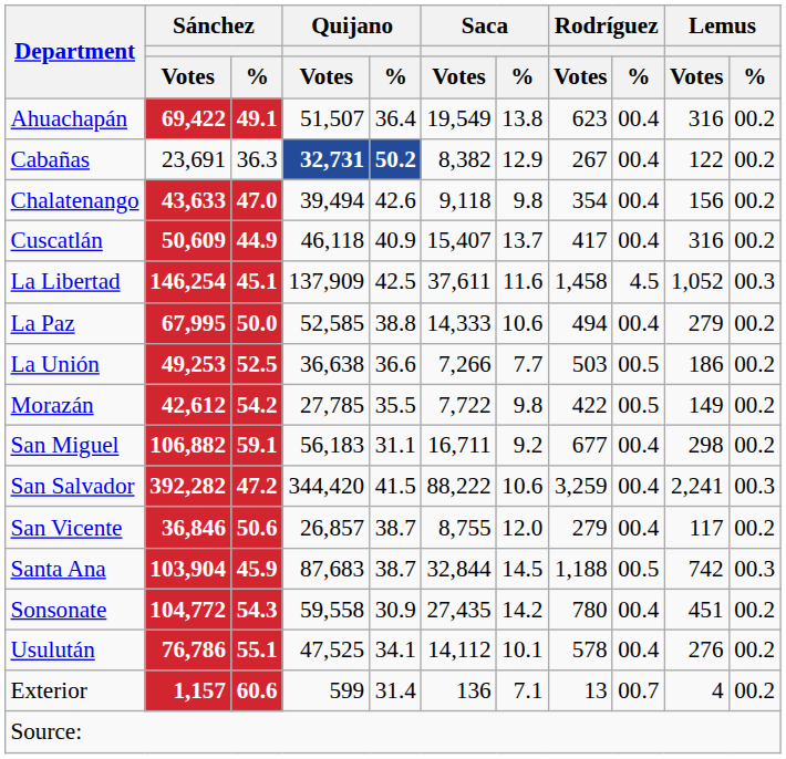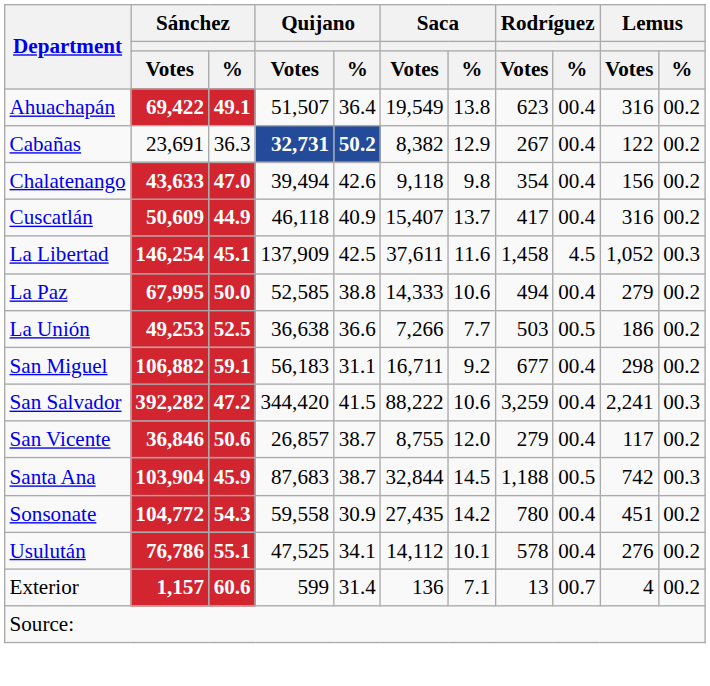 <table class="wikitable sortable" style="text-align:right; font-size:97%; line-height:20px;">
 <tr>
 <th rowspan="3"><a href='#'>Department</a></th>
 <th colspan="2" width="30px" class="unsortable">Sánchez</th>
 <th colspan="2" width="30px" class="unsortable">Quijano</th>
 <th colspan="2" width="30px" class="unsortable">Saca</th>
 <th colspan="2" width="30px" class="unsortable">Rodríguez</th>
 <th colspan="2" width="30px" class="unsortable">Lemus</th>
 </tr>
 <tr>
 <th colspan="2" style="background:"></th>
 <th colspan="2" style="background:"></th>
 <th colspan="2" style="background:"></th>
 <th colspan="2" style="background:"></th>
 <th colspan="2" style="background:"></th>
 </tr>
 <tr>
 <th data-sort-type="number">Votes</th>
 <th data-sort-type="number">%</th>
 <th data-sort-type="number">Votes</th>
 <th data-sort-type="number">%</th>
 <th data-sort-type="number">Votes</th>
 <th data-sort-type="number">%</th>
 <th data-sort-type="number">Votes</th>
 <th data-sort-type="number">%</th>
 <th data-sort-type="number">Votes</th>
 <th data-sort-type="number">%</th>
 </tr>
 <tr>
 <td align="left"><a href='#'>Ahuachapán</a></td>
 <td style="background:#D3252F; color:white"><strong>69,422</strong></td>
 <td style="background:#D3252F; color:white"><strong>49.1</strong></td>
 <td>51,507</td>
 <td>36.4</td>
 <td>19,549</td>
 <td>13.8</td>
 <td>623</td>
 <td>00.4</td>
 <td>316</td>
 <td>00.2</td>
 </tr>
 <tr>
 <td align="left"><a href='#'>Cabañas</a></td>
 <td>23,691</td>
 <td>36.3</td>
 <td style="background:#234B9A; color:white"><strong>32,731</strong></td>
 <td style="background:#234B9A; color:white"><strong>50.2</strong></td>
 <td>8,382</td>
 <td>12.9</td>
 <td>267</td>
 <td>00.4</td>
 <td>122</td>
 <td>00.2</td>
 </tr>
 <tr>
 <td align="left"><a href='#'>Chalatenango</a></td>
 <td style="background:#D3252F; color:white"><strong>43,633</strong></td>
 <td style="background:#D3252F; color:white"><strong>47.0</strong></td>
 <td>39,494</td>
 <td>42.6</td>
 <td>9,118</td>
 <td>9.8</td>
 <td>354</td>
 <td>00.4</td>
 <td>156</td>
 <td>00.2</td>
 </tr>
 <tr>
 <td align="left"><a href='#'>Cuscatlán</a></td>
 <td style="background:#D3252F; color:white"><strong>50,609</strong></td>
 <td style="background:#D3252F; color:white"><strong>44.9</strong></td>
 <td>46,118</td>
 <td>40.9</td>
 <td>15,407</td>
 <td>13.7</td>
 <td>417</td>
 <td>00.4</td>
 <td>316</td>
 <td>00.2</td>
 </tr>
 <tr>
 <td align="left"><a href='#'>La Libertad</a></td>
 <td style="background:#D3252F; color:white"><strong>146,254</strong></td>
 <td style="background:#D3252F; color:white"><strong>45.1</strong></td>
 <td>137,909</td>
 <td>42.5</td>
 <td>37,611</td>
 <td>11.6</td>
 <td>1,458</td>
 <td>4.5</td>
 <td>1,052</td>
 <td>00.3</td>
 </tr>
 <tr>
 <td align=left><a href='#'>La Paz</a></td>
 <td style="background:#D3252F; color:white"><strong>67,995</strong></td>
 <td style="background:#D3252F; color:white"><strong>50.0</strong></td>
 <td>52,585</td>
 <td>38.8</td>
 <td>14,333</td>
 <td>10.6</td>
 <td>494</td>
 <td>00.4</td>
 <td>279</td>
 <td>00.2</td>
 </tr>
 <tr>
 <td align=left><a href='#'>La Unión</a></td>
 <td style="background:#D3252F; color:white"><strong>49,253</strong></td>
 <td style="background:#D3252F; color:white"><strong>52.5</strong></td>
 <td>36,638</td>
 <td>36.6</td>
 <td>7,266</td>
 <td>7.7</td>
 <td>503</td>
 <td>00.5</td>
 <td>186</td>
 <td>00.2</td>
 </tr>
 <tr>
-<td align=left><a href='#'>Morazán</a></td>
-<td style="background:#D3252F; color:white"><strong>42,612</strong></td>
-<td style="background:#D3252F; color:white"><strong>54.2</strong></td>
-<td>27,785</td>
-<td>35.5</td>
-<td>7,722</td>
-<td>9.8</td>
-<td>422</td>
-<td>00.5</td>
-<td>149</td>
-<td>00.2</td>
-</tr>
-<tr>
 <td align=left><a href='#'>San Miguel</a></td>
 <td style="background:#D3252F; color:white"><strong>106,882</strong></td>
 <td style="background:#D3252F; color:white"><strong>59.1</strong></td>
 <td>56,183</td>
 <td>31.1</td>
 <td>16,711</td>
 <td>9.2</td>
 <td>677</td>
 <td>00.4</td>
 <td>298</td>
 <td>00.2</td>
 </tr>
 <tr>
 <td align=left><a href='#'>San Salvador</a></td>
 <td style="background:#D3252F; color:white"><strong>392,282</strong></td>
 <td style="background:#D3252F; color:white"><strong>47.2</strong></td>
 <td>344,420</td>
 <td>41.5</td>
 <td>88,222</td>
 <td>10.6</td>
 <td>3,259</td>
 <td>00.4</td>
 <td>2,241</td>
 <td>00.3</td>
 </tr>
 <tr>
 <td align=left><a href='#'>San Vicente</a></td>
 <td style="background:#D3252F; color:white"><strong>36,846</strong></td>
 <td style="background:#D3252F; color:white"><strong>50.6</strong></td>
 <td>26,857</td>
 <td>38.7</td>
 <td>8,755</td>
 <td>12.0</td>
 <td>279</td>
 <td>00.4</td>
 <td>117</td>
 <td>00.2</td>
 </tr>
 <tr>
 <td align=left><a href='#'>Santa Ana</a></td>
 <td style="background:#D3252F; color:white"><strong>103,904</strong></td>
 <td style="background:#D3252F; color:white"><strong>45.9</strong></td>
 <td>87,683</td>
 <td>38.7</td>
 <td>32,844</td>
 <td>14.5</td>
 <td>1,188</td>
 <td>00.5</td>
 <td>742</td>
 <td>00.3</td>
 </tr>
 <tr>
 <td align=left><a href='#'>Sonsonate</a></td>
 <td style="background:#D3252F; color:white"><strong>104,772</strong></td>
 <td style="background:#D3252F; color:white"><strong>54.3</strong></td>
 <td>59,558</td>
 <td>30.9</td>
 <td>27,435</td>
 <td>14.2</td>
 <td>780</td>
 <td>00.4</td>
 <td>451</td>
 <td>00.2</td>
 </tr>
 <tr>
 <td align=left><a href='#'>Usulután</a></td>
 <td style="background:#D3252F; color:white"><strong>76,786</strong></td>
 <td style="background:#D3252F; color:white"><strong>55.1</strong></td>
 <td>47,525</td>
 <td>34.1</td>
 <td>14,112</td>
 <td>10.1</td>
 <td>578</td>
 <td>00.4</td>
 <td>276</td>
 <td>00.2</td>
 </tr>
 <tr>
 <td align=left>Exterior</td>
 <td style="background:#D3252F; color:white"><strong>1,157</strong></td>
 <td style="background:#D3252F; color:white"><strong>60.6</strong></td>
 <td>599</td>
 <td>31.4</td>
 <td>136</td>
 <td>7.1</td>
 <td>13</td>
 <td>00.7</td>
 <td>4</td>
 <td>00.2</td>
 </tr>
 <tr>
 <td style="text-align:left;" colspan="11">Source: </td>
 </tr>
 </table>
